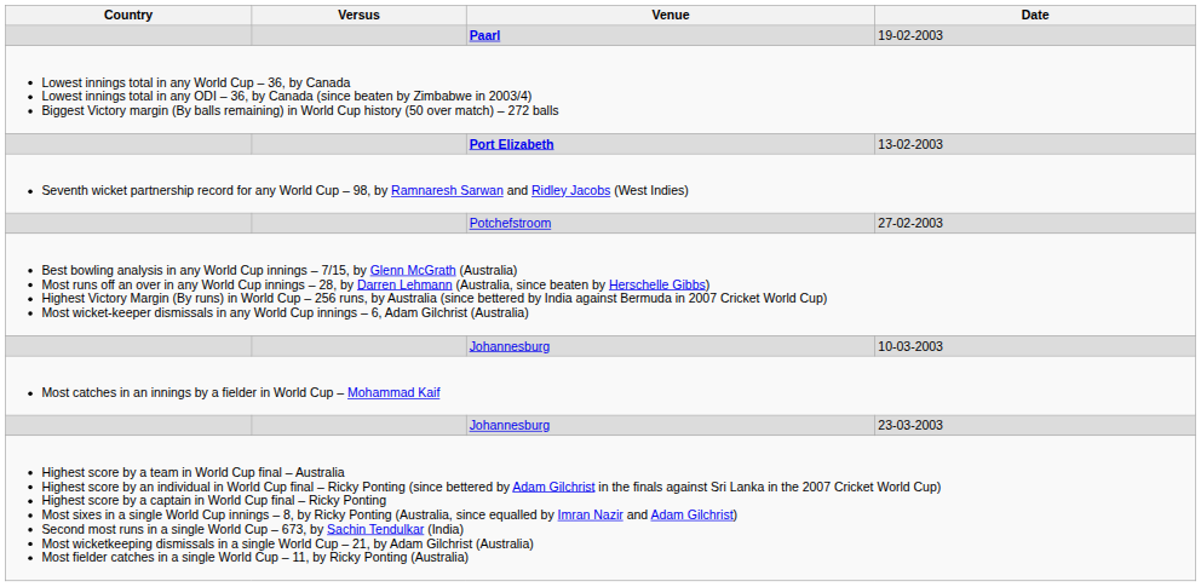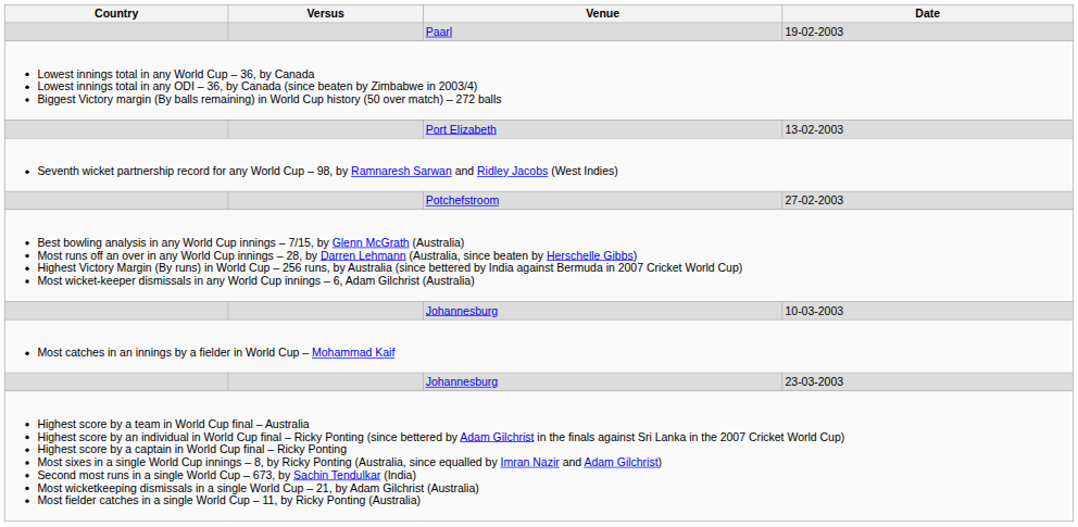 <table class="wikitable" style="font-size:95%;" width="90%">
 <tr>
 <th>Country</th>
 <th>Versus</th>
 <th>Venue</th>
 <th>Date</th>
 </tr>
 <tr bgcolor="gainsboro">
 <td></td>
 <td></td>
-<td><strong><a href='#'>Paarl</a></strong></td>
+<td><a href='#'>Paarl</a></td>
 <td>19-02-2003</td>
 </tr>
 <tr>
 <td colspan=4><br><ul><li>Lowest innings total in any World Cup – 36, by Canada</li><li>Lowest innings total in any ODI – 36, by Canada (since beaten by Zimbabwe in 2003/4)</li><li>Biggest Victory margin (By balls remaining) in World Cup history (50 over match) – 272 balls</li></ul></td>
 </tr>
 <tr bgcolor="gainsboro">
 <td></td>
 <td></td>
-<td><strong><a href='#'>Port Elizabeth</a></strong></td>
+<td><a href='#'>Port Elizabeth</a></td>
 <td>13-02-2003</td>
 </tr>
 <tr>
 <td colspan=4><br><ul><li>Seventh wicket partnership record for any World Cup – 98, by <a href='#'>Ramnaresh Sarwan</a> and <a href='#'>Ridley Jacobs</a> (West Indies)</li></ul></td>
 </tr>
 <tr bgcolor="gainsboro">
 <td></td>
 <td></td>
 <td><a href='#'>Potchefstroom</a></td>
 <td>27-02-2003</td>
 </tr>
 <tr>
 <td colspan=4><br><ul><li>Best bowling analysis in any World Cup innings – 7/15, by <a href='#'>Glenn McGrath</a> (Australia)</li><li>Most runs off an over in any World Cup innings – 28, by <a href='#'>Darren Lehmann</a> (Australia, since beaten by <a href='#'>Herschelle Gibbs</a>)</li><li>Highest Victory Margin (By runs) in World Cup – 256 runs, by Australia (since bettered by India against Bermuda in 2007 Cricket World Cup)</li><li>Most wicket-keeper dismissals in any World Cup innings – 6, Adam Gilchrist (Australia)</li></ul></td>
 </tr>
 <tr bgcolor="gainsboro">
 <td></td>
 <td></td>
 <td><a href='#'>Johannesburg</a></td>
 <td>10-03-2003</td>
 </tr>
 <tr>
 <td colspan=4><br><ul><li>Most catches in an innings by a fielder in World Cup – <a href='#'>Mohammad Kaif</a></li></ul></td>
 </tr>
 <tr bgcolor="gainsboro">
 <td></td>
 <td></td>
 <td><a href='#'>Johannesburg</a></td>
 <td>23-03-2003</td>
 </tr>
 <tr>
 <td colspan=4><br><ul><li>Highest score by a team in World Cup final – Australia</li><li>Highest score by an individual in World Cup final – Ricky Ponting (since bettered by <a href='#'>Adam Gilchrist</a> in the finals against Sri Lanka in the 2007 Cricket World Cup)</li><li>Highest score by a captain in World Cup final – Ricky Ponting</li><li>Most sixes in a single World Cup innings – 8, by Ricky Ponting (Australia, since equalled by <a href='#'>Imran Nazir</a> and <a href='#'>Adam Gilchrist</a>)</li><li>Second most runs in a single World Cup – 673, by <a href='#'>Sachin Tendulkar</a> (India)</li><li>Most wicketkeeping dismissals in a single World Cup – 21, by Adam Gilchrist (Australia)</li><li>Most fielder catches in a single World Cup – 11, by Ricky Ponting (Australia)</li></ul></td>
 </tr>
 </table>
